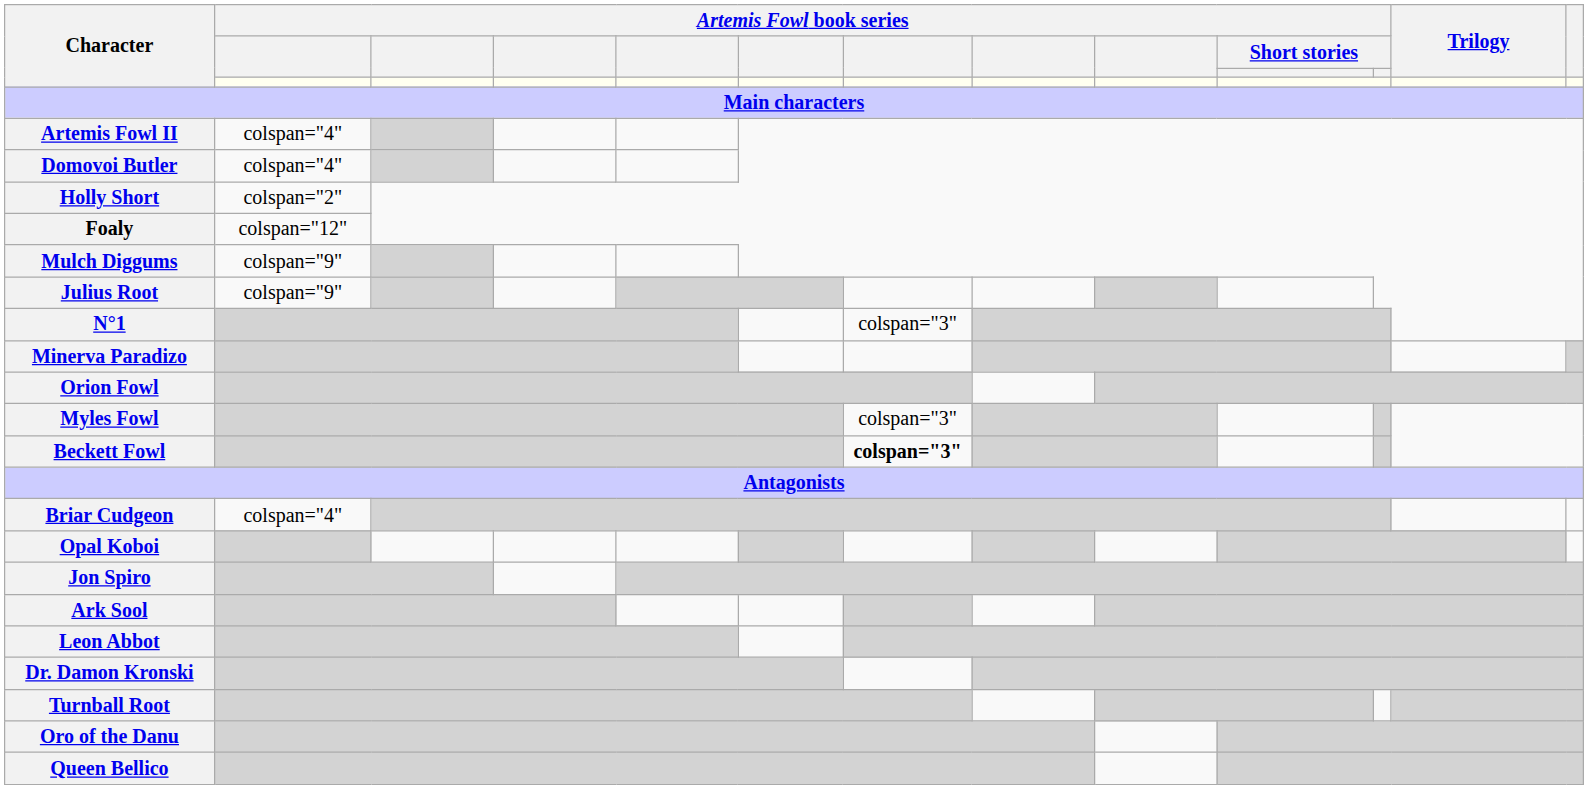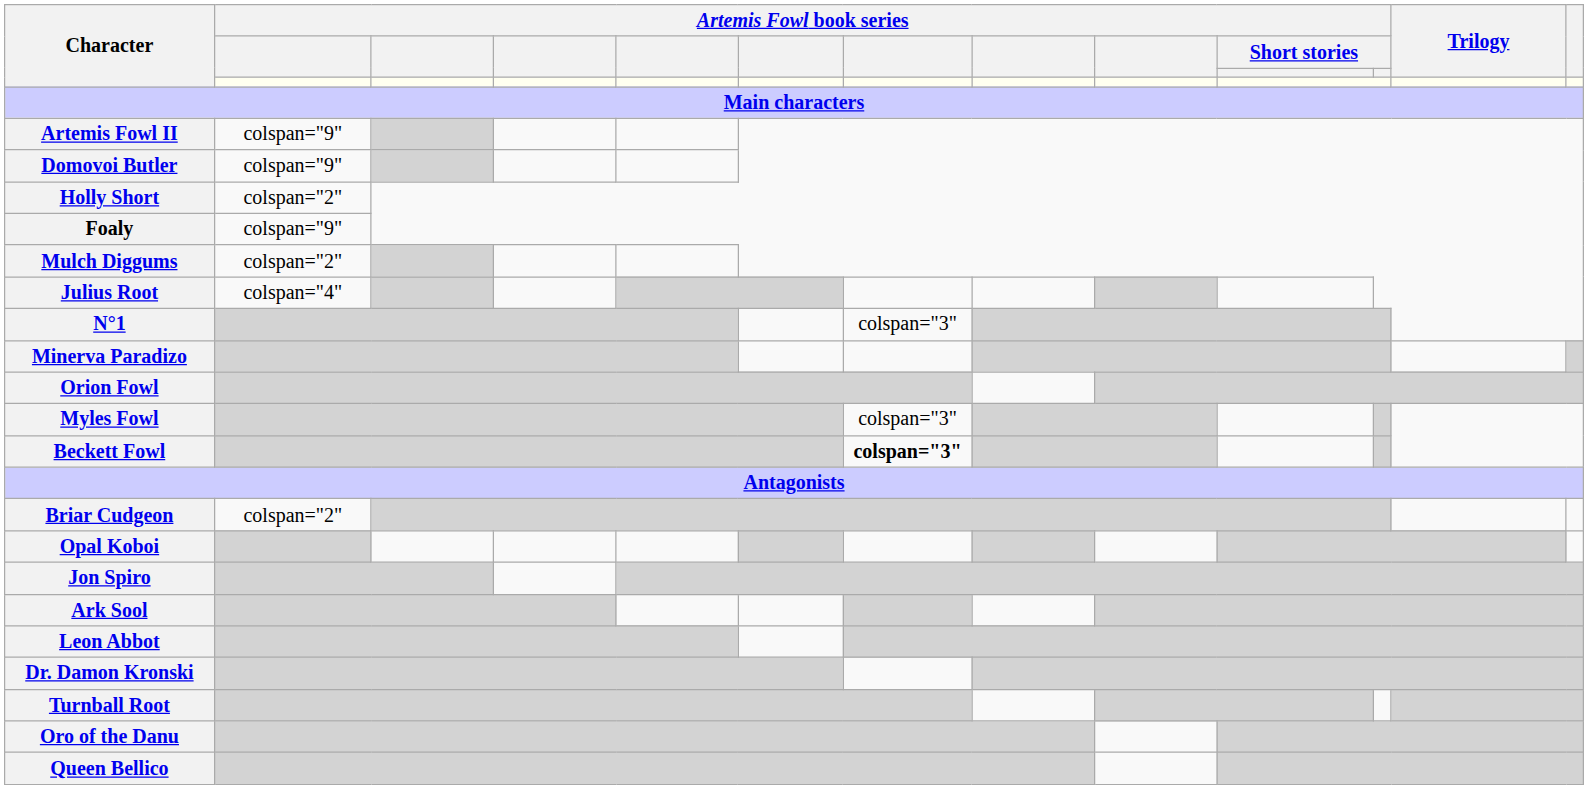 <table class="wikitable" style="width:100%; text-align:center;">
 <tr>
 <th rowspan="4" style="width:12%;">Character</th>
 <th colspan="10"><a href='#'><em>Artemis Fowl</em> book series</a></th>
 <th rowspan="3" style="width:10%;"><a href='#'><em></em> Trilogy</a></th>
 <th rowspan="3" style="width:01%;"><a href='#'></a></th>
 </tr>
 <tr>
 <th rowspan="2" style="width:09%;"><em><a href='#'></a></em></th>
 <th rowspan="2" style="width:07%;"><em><a href='#'></a></em></th>
 <th rowspan="2" style="width:07%;"><em><a href='#'></a></em></th>
 <th rowspan="2" style="width:07%;"><em><a href='#'></a></em></th>
 <th rowspan="2" style="width:06%;"><em><a href='#'></a></em></th>
 <th rowspan="2" style="width:07%;"><em><a href='#'></a></em></th>
 <th rowspan="2" style="width:07%;"><em><a href='#'></a></em></th>
 <th rowspan="2" style="width:07%;"><em><a href='#'></a></em></th>
 <th colspan="2"><a href='#'>Short stories</a></th>
 </tr>
 <tr>
 <th style="width:09%;"><em><a href='#'></a></em></th>
 <th style="width:01%;"><em><a href='#'></a></em></th>
 </tr>
 <tr>
 <td style="background:ivory; text-align:center;"></td>
 <td style="background:ivory; text-align:center;"></td>
 <td style="background:ivory; text-align:center;"></td>
 <td style="background:ivory; text-align:center;"></td>
 <td style="background:ivory; text-align:center;"></td>
 <td style="background:ivory; text-align:center;"></td>
 <td style="background:ivory; text-align:center;"></td>
 <td style="background:ivory; text-align:center;"></td>
 <td colspan="2" style="background:ivory; text-align:center;"></td>
 <td style="background:ivory; text-align:center;"></td>
 <td style="background:ivory; text-align:center;"></td>
 </tr>
 <tr>
 <th colspan="13" style="background-color:#ccccff;"><a href='#'>Main characters</a></th>
 </tr>
 <tr>
 <th style="text-align:center;"><a href='#'>Artemis Fowl II</a></th>
-<td>colspan="4" </td>
+<td>colspan="9" </td>
 <td style="background:#d3d3d3;"></td>
 <td></td>
 <td></td>
 </tr>
 <tr>
 <th style="text-align:center;"><a href='#'>Domovoi Butler</a></th>
-<td>colspan="4" </td>
+<td>colspan="9" </td>
 <td style="background:#d3d3d3;"></td>
 <td></td>
 <td></td>
 </tr>
 <tr>
 <th style="text-align:center;"><a href='#'>Holly Short</a></th>
 <td>colspan="2" </td>
 </tr>
 <tr>
 <th style="text-align:center;">Foaly</th>
-<td>colspan="12" </td>
+<td>colspan="9" </td>
 </tr>
 <tr>
 <th style="text-align:center;"><a href='#'>Mulch Diggums<br></a></th>
-<td>colspan="9" </td>
+<td>colspan="2" </td>
 <td style="background:#d3d3d3;"></td>
 <td></td>
 <td></td>
 </tr>
 <tr>
 <th style="text-align:center;"><a href='#'>Julius Root<br></a></th>
-<td>colspan="9" </td>
+<td>colspan="4" </td>
 <td style="background:#d3d3d3;"></td>
 <td></td>
 <td colspan="2" style="background:#d3d3d3;"></td>
 <td></td>
 <td></td>
 <td style="background:#d3d3d3;"></td>
 <td></td>
 </tr>
 <tr>
 <th style="text-align:center;"><a href='#'>N°1</a></th>
 <td colspan="4" style="background:#d3d3d3;"></td>
 <td></td>
 <td>colspan="3" </td>
 <td colspan="4" style="background:#d3d3d3;"></td>
 </tr>
 <tr>
 <th style="text-align:center;"><a href='#'>Minerva Paradizo</a></th>
 <td colspan="4" style="background:#d3d3d3;"></td>
 <td></td>
 <td></td>
 <td colspan="4" style="background:#d3d3d3;"></td>
 <td></td>
 <td style="background:#d3d3d3;"></td>
 </tr>
 <tr>
 <th style="text-align:center;"><a href='#'>Orion Fowl</a></th>
 <td colspan="6" style="background:#d3d3d3;"></td>
 <td></td>
 <td colspan="7" style="background:#d3d3d3;"></td>
 </tr>
 <tr>
 <th style="text-align:center;"><a href='#'>Myles Fowl</a></th>
 <td colspan="5" style="background:#d3d3d3;"></td>
 <td>colspan="3" </td>
 <td colspan="2" style="background:#d3d3d3;"></td>
 <td></td>
 <td style="background:#d3d3d3;"></td>
 </tr>
 <tr>
 <th style="text-align:center;"><a href='#'>Beckett Fowl</a></th>
 <td colspan="5" style="background:#d3d3d3;"></td>
 <td><strong>colspan="3" </strong></td>
 <td colspan="2" style="background:#d3d3d3;"></td>
 <td></td>
 <td style="background:#d3d3d3;"></td>
 </tr>
 <tr>
 <th colspan="13" style="background-color:#ccccff;"><a href='#'>Antagonists</a></th>
 </tr>
 <tr>
 <th style="text-align:center;"><a href='#'>Briar Cudgeon</a></th>
-<td>colspan="4" </td>
+<td>colspan="2" </td>
 <td colspan="9" style="background:#d3d3d3;"></td>
 <td></td>
 </tr>
 <tr>
 <th style="text-align:center;"><a href='#'>Opal Koboi</a></th>
 <td style="background:#d3d3d3;"></td>
 <td></td>
 <td></td>
 <td></td>
 <td style="background:#d3d3d3;"></td>
 <td></td>
 <td style="background:#d3d3d3;"></td>
 <td></td>
 <td colspan="3" style="background:#d3d3d3;"></td>
 <td></td>
 </tr>
 <tr>
 <th style="text-align:center;"><a href='#'>Jon Spiro</a></th>
 <td colspan="2" style="background:#d3d3d3;"></td>
 <td></td>
 <td colspan="9" style="background:#d3d3d3;"></td>
 </tr>
 <tr>
 <th style="text-align:center;"><a href='#'>Ark Sool</a></th>
 <td colspan="3" style="background:#d3d3d3;"></td>
 <td></td>
 <td></td>
 <td style="background:#d3d3d3;"></td>
 <td></td>
 <td colspan="5" style="background:#d3d3d3;"></td>
 </tr>
 <tr>
 <th style="text-align:center;"><a href='#'>Leon Abbot<br></a></th>
 <td colspan="4" style="background:#d3d3d3;"></td>
 <td></td>
 <td colspan="7" style="background:#d3d3d3;"></td>
 </tr>
 <tr>
 <th style="text-align:center;"><a href='#'>Dr. Damon Kronski</a></th>
 <td colspan="5" style="background:#d3d3d3;"></td>
 <td></td>
 <td colspan="6" style="background:#d3d3d3;"></td>
 </tr>
 <tr>
 <th style="text-align:center;"><a href='#'>Turnball Root</a></th>
 <td colspan="6" style="background:#d3d3d3;"></td>
 <td></td>
 <td colspan="2" style="background:#d3d3d3;"></td>
 <td></td>
 <td colspan="2" style="background:#d3d3d3;"></td>
 </tr>
 <tr>
 <th style="text-align:center;"><a href='#'>Oro of the Danu</a></th>
 <td colspan="7" style="background:#d3d3d3;"></td>
 <td></td>
 <td colspan="4" style="background:#d3d3d3;"></td>
 </tr>
 <tr>
 <th style="text-align:center;"><a href='#'>Queen Bellico</a></th>
 <td colspan="7" style="background:#d3d3d3;"></td>
 <td></td>
 <td colspan="4" style="background:#d3d3d3;"></td>
 </tr>
 </table>
